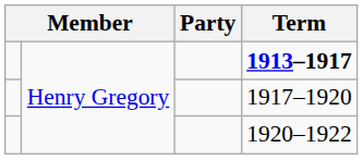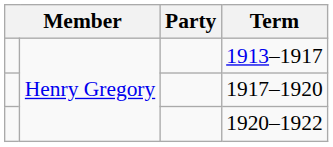 <table class="wikitable">
 <tr>
 <th colspan="2">Member</th>
 <th>Party</th>
 <th>Term</th>
 </tr>
 <tr>
 <td> </td>
 <td rowspan="3"><a href='#'>Henry Gregory</a></td>
 <td></td>
-<td><strong><a href='#'>1913</a>–1917</strong></td>
+<td><a href='#'>1913</a>–1917</td>
 </tr>
 <tr>
 <td> </td>
 <td></td>
 <td>1917–1920</td>
 </tr>
 <tr>
 <td> </td>
 <td></td>
 <td>1920–1922</td>
 </tr>
 </table>
